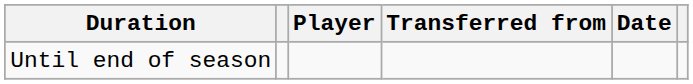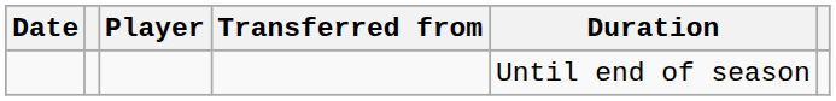 <table class="wikitable plainrowheaders sortable">
 <tr>
-<th scope="col">Duration</th>
+<th scope="col">Date</th>
 <th scope="col"></th>
 <th scope="col">Player</th>
 <th scope="col">Transferred from</th>
-<th scope="col">Date</th>
+<th scope="col">Duration</th>
 <th scope="col" class="unsortable"></th>
 </tr>
 <tr>
-<td>Until end of season</td>
+<td></td>
 <td align="center"></td>
 <td></td>
 <td></td>
-<td></td>
+<td>Until end of season</td>
 <td></td>
 </tr>
 </table>
